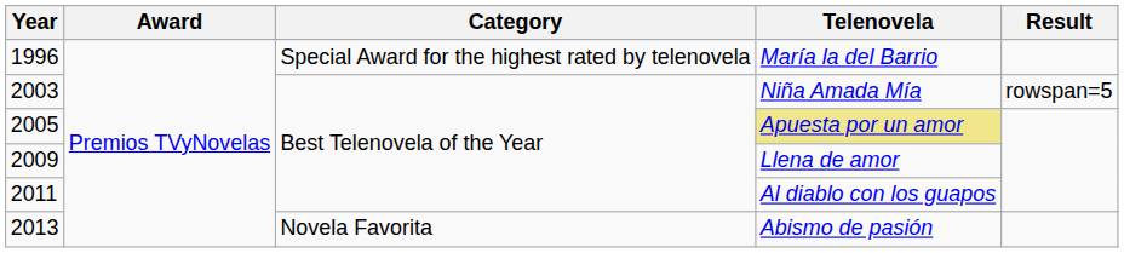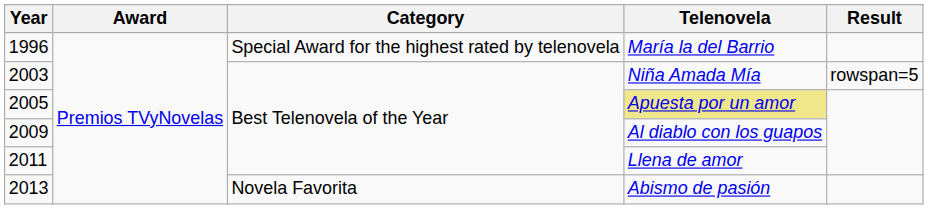 <table class="wikitable">
 <tr style="background:#b0c4de;">
 <th>Year</th>
 <th>Award</th>
 <th>Category</th>
 <th>Telenovela</th>
 <th>Result</th>
 </tr>
 <tr>
 <td>1996</td>
 <td rowspan=7><a href='#'>Premios TVyNovelas</a></td>
 <td>Special Award for the highest rated by telenovela</td>
 <td><em><a href='#'>María la del Barrio</a></em></td>
 <td></td>
 </tr>
 <tr>
 <td>2003</td>
 <td rowspan=5>Best Telenovela of the Year</td>
 <td><em><a href='#'>Niña Amada Mía</a></em></td>
 <td>rowspan=5 </td>
 </tr>
 <tr>
 <td>2005</td>
 <td style="background: khaki;"><em><a href='#'>Apuesta por un amor</a></em></td>
 </tr>
 <tr>
 <td>2009</td>
-<td><em><a href='#'>Llena de amor</a></em></td>
+<td><em><a href='#'>Al diablo con los guapos</a></em></td>
 </tr>
 <tr>
 <td>2011</td>
-<td><em><a href='#'>Al diablo con los guapos</a></em></td>
+<td><em><a href='#'>Llena de amor</a></em></td>
 </tr>
 <tr>
 <td rowspan=2>2013</td>
 <td rowspan=2><em><a href='#'>Abismo de pasión</a></em></td>
 </tr>
 <tr>
 <td>Novela Favorita</td>
 <td></td>
 </tr>
 </table>
